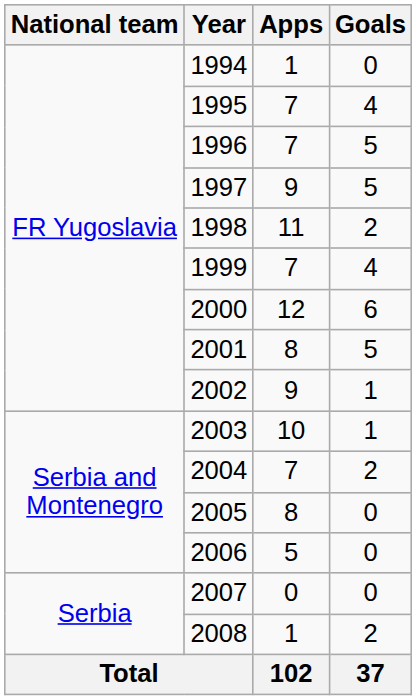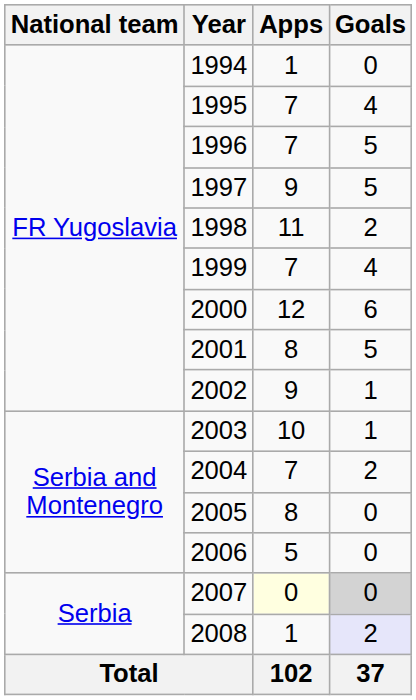 <table class="wikitable" style="text-align:center">
 <tr>
 <th>National team</th>
 <th>Year</th>
 <th>Apps</th>
 <th>Goals</th>
 </tr>
 <tr>
 <td rowspan="9"><a href='#'>FR Yugoslavia</a></td>
 <td>1994</td>
 <td>1</td>
 <td>0</td>
 </tr>
 <tr>
 <td>1995</td>
 <td>7</td>
 <td>4</td>
 </tr>
 <tr>
 <td>1996</td>
 <td>7</td>
 <td>5</td>
 </tr>
 <tr>
 <td>1997</td>
 <td>9</td>
 <td>5</td>
 </tr>
 <tr>
 <td>1998</td>
 <td>11</td>
 <td>2</td>
 </tr>
 <tr>
 <td>1999</td>
 <td>7</td>
 <td>4</td>
 </tr>
 <tr>
 <td>2000</td>
 <td>12</td>
 <td>6</td>
 </tr>
 <tr>
 <td>2001</td>
 <td>8</td>
 <td>5</td>
 </tr>
 <tr>
 <td>2002</td>
 <td>9</td>
 <td>1</td>
 </tr>
 <tr>
 <td rowspan="4"><a href='#'>Serbia and<br>Montenegro</a></td>
 <td>2003</td>
 <td>10</td>
 <td>1</td>
 </tr>
 <tr>
 <td>2004</td>
 <td>7</td>
 <td>2</td>
 </tr>
 <tr>
 <td>2005</td>
 <td>8</td>
 <td>0</td>
 </tr>
 <tr>
 <td>2006</td>
 <td>5</td>
 <td>0</td>
 </tr>
 <tr>
 <td rowspan="2"><a href='#'>Serbia</a></td>
 <td>2007</td>
-<td>0</td>
-<td>0</td>
+<td style="background: lightyellow;">0</td>
+<td style="background: lightgrey;">0</td>
 </tr>
 <tr>
 <td>2008</td>
 <td>1</td>
-<td>2</td>
+<td style="background: lavender;">2</td>
 </tr>
 <tr>
 <th colspan="2">Total</th>
 <th>102</th>
 <th>37</th>
 </tr>
 </table>
